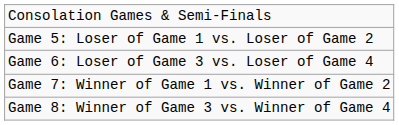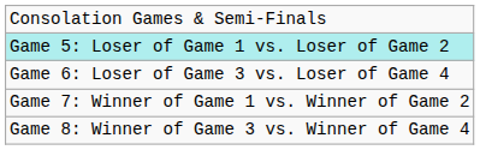 <table class="wikitable">
 <tr>
 <td>Consolation Games & Semi-Finals</td>
 </tr>
 <tr>
-<td>Game 5: Loser of Game 1 vs. Loser of Game 2</td>
+<td style="background: paleturquoise;">Game 5: Loser of Game 1 vs. Loser of Game 2</td>
 </tr>
 <tr>
 <td>Game 6: Loser of Game 3 vs. Loser of Game 4</td>
 </tr>
 <tr>
 <td>Game 7: Winner of Game 1 vs. Winner of Game 2</td>
 </tr>
 <tr>
 <td>Game 8: Winner of Game 3 vs. Winner of Game 4</td>
 </tr>
 </table>
